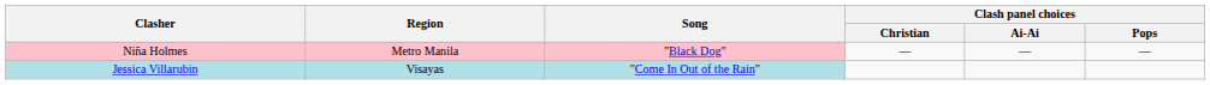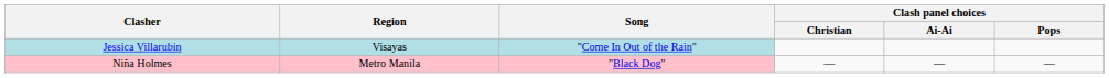 <table class="wikitable" style="text-align:center; line-height:17px; width:100%;">
 <tr>
 <th rowspan="2" width="25%">Clasher</th>
 <th rowspan="2">Region</th>
 <th rowspan="2" width="25%">Song</th>
 <th colspan="3" width="30%">Clash panel choices</th>
 </tr>
 <tr>
 <th width="10%">Christian</th>
 <th width="10%">Ai-Ai</th>
 <th width="10%">Pops</th>
 </tr>
 <tr>
+<td style="background:#b0e0e6;"><a href='#'>Jessica Villarubin</a></td>
+<td style="background:#b0e0e6;">Visayas</td>
+<td style="background:#b0e0e6;">"<a href='#'>Come In Out of the Rain</a>"</td>
+<td><strong></strong></td>
+<td><strong></strong></td>
+<td><strong></strong></td>
+</tr>
+<tr>
 <td style="background:pink;">Niña Holmes</td>
 <td style="background:pink;">Metro Manila</td>
 <td style="background:pink;">"<a href='#'>Black Dog</a>"</td>
 <td>—</td>
 <td>—</td>
 <td>—</td>
 </tr>
-<tr>
-<td style="background:#b0e0e6;"><a href='#'>Jessica Villarubin</a></td>
-<td style="background:#b0e0e6;">Visayas</td>
-<td style="background:#b0e0e6;">"<a href='#'>Come In Out of the Rain</a>"</td>
-<td><strong></strong></td>
-<td><strong></strong></td>
-<td><strong></strong></td>
-</tr>
 </table>
